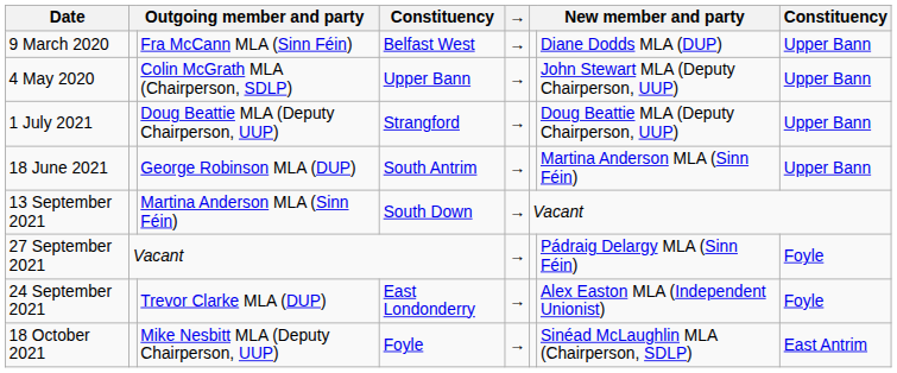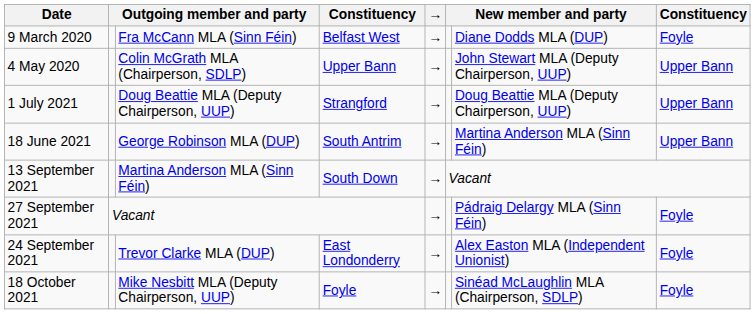 <table class="wikitable">
 <tr>
 <th valign="top">Date</th>
 <th colspan="2" valign="top">Outgoing member and party</th>
 <th valign="top">Constituency</th>
 <th>→</th>
 <th colspan="2" valign="top">New member and party</th>
 <th valign="top">Constituency</th>
 </tr>
 <tr>
 <td>9 March 2020</td>
 <td></td>
 <td><a href='#'>Fra McCann</a> MLA (<a href='#'>Sinn Féin</a>)</td>
 <td><a href='#'>Belfast West</a></td>
 <td>→</td>
 <td></td>
 <td><a href='#'>Diane Dodds</a> MLA (<a href='#'>DUP</a>)</td>
-<td><a href='#'>Upper Bann</a></td>
+<td><a href='#'>Foyle</a></td>
 </tr>
 <tr>
 <td>4 May 2020</td>
 <td></td>
 <td><a href='#'>Colin McGrath</a> MLA (Chairperson, <a href='#'>SDLP</a>)</td>
 <td><a href='#'>Upper Bann</a></td>
 <td>→</td>
 <td></td>
 <td><a href='#'>John Stewart</a> MLA (Deputy Chairperson, <a href='#'>UUP</a>)</td>
 <td><a href='#'>Upper Bann</a></td>
 </tr>
 <tr>
 <td>1 July 2021</td>
 <td></td>
 <td><a href='#'>Doug Beattie</a> MLA (Deputy Chairperson, <a href='#'>UUP</a>)</td>
 <td><a href='#'>Strangford</a></td>
 <td>→</td>
 <td></td>
 <td><a href='#'>Doug Beattie</a> MLA (Deputy Chairperson, <a href='#'>UUP</a>)</td>
 <td><a href='#'>Upper Bann</a></td>
 </tr>
 <tr>
 <td>18 June 2021</td>
 <td></td>
 <td><a href='#'>George Robinson</a> MLA (<a href='#'>DUP</a>)</td>
 <td><a href='#'>South Antrim</a></td>
 <td>→</td>
 <td></td>
 <td><a href='#'>Martina Anderson</a> MLA (<a href='#'>Sinn Féin</a>)</td>
 <td><a href='#'>Upper Bann</a></td>
 </tr>
 <tr>
 <td>13 September 2021</td>
 <td></td>
 <td><a href='#'>Martina Anderson</a> MLA (<a href='#'>Sinn Féin</a>)</td>
 <td><a href='#'>South Down</a></td>
 <td>→</td>
 <td colspan=3><em>Vacant</em></td>
 </tr>
 <tr>
 <td>27 September 2021</td>
 <td colspan=3><em>Vacant</em></td>
 <td>→</td>
 <td></td>
 <td><a href='#'>Pádraig Delargy</a> MLA (<a href='#'>Sinn Féin</a>)</td>
 <td><a href='#'>Foyle</a></td>
 </tr>
 <tr>
 <td>24 September 2021</td>
 <td></td>
 <td><a href='#'>Trevor Clarke</a> MLA (<a href='#'>DUP</a>)</td>
 <td><a href='#'>East Londonderry</a></td>
 <td>→</td>
 <td></td>
 <td><a href='#'>Alex Easton</a> MLA (<a href='#'>Independent Unionist</a>)</td>
 <td><a href='#'>Foyle</a></td>
 </tr>
 <tr>
 <td>18 October 2021</td>
 <td></td>
 <td><a href='#'>Mike Nesbitt</a> MLA (Deputy Chairperson, <a href='#'>UUP</a>)</td>
 <td><a href='#'>Foyle</a></td>
 <td>→</td>
 <td></td>
 <td><a href='#'>Sinéad McLaughlin</a> MLA (Chairperson, <a href='#'>SDLP</a>)</td>
-<td><a href='#'>East Antrim</a></td>
+<td><a href='#'>Foyle</a></td>
 </tr>
 </table>
